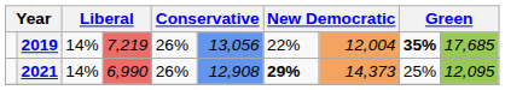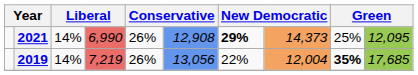 <table class="wikitable" style="float:right; width:400; font-size:90%; margin-left:1em;">
 <tr>
 <th colspan="2" scope="col">Year</th>
 <th colspan="2" scope="col"><a href='#'>Liberal</a></th>
 <th colspan="2" scope="col"><a href='#'>Conservative</a></th>
 <th colspan="2" scope="col"><a href='#'>New Democratic</a></th>
 <th colspan="2" scope="col"><a href='#'>Green</a></th>
+</tr>
+<tr>
+<td style="width: 0.25em; background-color: "></td>
+<th><a href='#'>2021</a></th>
+<td>14%</td>
+<td style="text-align:right; background:#EA6D6A;"><em>6,990</em></td>
+<td>26%</td>
+<td style="text-align:right; background:#6495ED;"><em>12,908</em></td>
+<td><strong>29%</strong></td>
+<td style="text-align:right; background:#F4A460;"><em>14,373</em></td>
+<td>25%</td>
+<td style="text-align:right; background:#99C955;"><em>12,095</em></td>
 </tr>
 <tr>
 <td style="width: 0.25em; background-color: "></td>
 <th><a href='#'>2019</a></th>
 <td>14%</td>
 <td style="text-align:right; background:#EA6D6A;"><em>7,219</em></td>
 <td>26%</td>
 <td style="text-align:right; background:#6495ED;"><em>13,056</em></td>
 <td>22%</td>
 <td style="text-align:right; background:#F4A460;"><em>12,004</em></td>
 <td><strong>35%</strong></td>
 <td style="text-align:right; background:#99C955;"><em>17,685</em></td>
 </tr>
 <tr>
-<td style="width: 0.25em; background-color: "></td>
-<th><a href='#'>2021</a></th>
-<td>14%</td>
-<td style="text-align:right; background:#EA6D6A;"><em>6,990</em></td>
-<td>26%</td>
-<td style="text-align:right; background:#6495ED;"><em>12,908</em></td>
-<td><strong>29%</strong></td>
-<td style="text-align:right; background:#F4A460;"><em>14,373</em></td>
-<td>25%</td>
-<td style="text-align:right; background:#99C955;"><em>12,095</em></td>
-</tr>
-<tr>
 </tr>
 </table>
